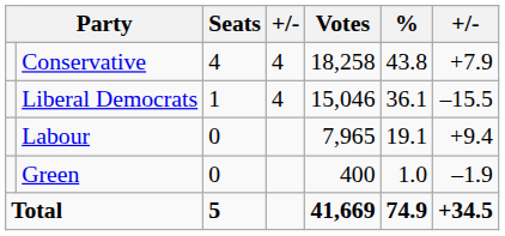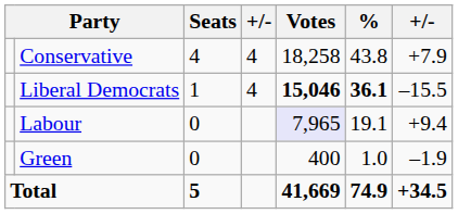 <table class="wikitable sortable">
 <tr>
 <th colspan="2">Party</th>
 <th>Seats</th>
 <th>+/-</th>
 <th>Votes</th>
 <th>%</th>
 <th>+/-</th>
 </tr>
 <tr>
 <td style="background-color: "></td>
 <td><a href='#'>Conservative</a></td>
 <td>4</td>
 <td> 4</td>
 <td style="text-align:right;">18,258</td>
 <td style="text-align:right;">43.8</td>
 <td style="text-align:right;">+7.9</td>
 </tr>
 <tr>
 <td style="background-color: "></td>
 <td><a href='#'>Liberal Democrats</a></td>
 <td>1</td>
 <td> 4</td>
-<td style="text-align:right;">15,046</td>
-<td style="text-align:right;">36.1</td>
+<td style="text-align:right;"><strong>15,046</strong></td>
+<td style="text-align:right;"><strong>36.1</strong></td>
 <td style="text-align:right;">–15.5</td>
 </tr>
 <tr>
 <td style="background-color: "></td>
 <td><a href='#'>Labour</a></td>
 <td>0</td>
 <td></td>
-<td style="text-align:right;">7,965</td>
+<td style="background: lavender; text-align:right;">7,965</td>
 <td style="text-align:right;">19.1</td>
 <td style="text-align:right;">+9.4</td>
 </tr>
 <tr>
 <td style="background-color: "></td>
 <td><a href='#'>Green</a></td>
 <td>0</td>
 <td></td>
 <td style="text-align:right;">400</td>
 <td style="text-align:right;">1.0</td>
 <td style="text-align:right;">–1.9</td>
 </tr>
 <tr>
 <td colspan="2"><strong>Total</strong></td>
 <td><strong>5</strong></td>
 <td></td>
 <td style="text-align:right;"><strong>41,669</strong></td>
 <td style="text-align:right;"><strong>74.9</strong></td>
 <td style="text-align:right;"><strong>+34.5</strong></td>
 </tr>
 </table>
